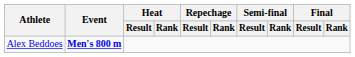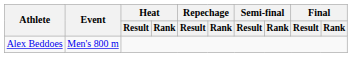 <table class="wikitable" style="font-size:90%">
 <tr>
 <th rowspan="2">Athlete</th>
 <th rowspan="2">Event</th>
 <th colspan="2">Heat</th>
 <th colspan="2">Repechage</th>
 <th colspan="2">Semi-final</th>
 <th colspan="2">Final</th>
 </tr>
 <tr style="font-size:95%">
 <th>Result</th>
 <th>Rank</th>
 <th>Result</th>
 <th>Rank</th>
 <th>Result</th>
 <th>Rank</th>
 <th>Result</th>
 <th>Rank</th>
 </tr>
 <tr align=center>
 <td align=left><a href='#'>Alex Beddoes</a></td>
-<td align=left><strong><a href='#'>Men's 800 m</a></strong></td>
+<td align=left><a href='#'>Men's 800 m</a></td>
 <td colspan="8"></td>
 </tr>
 </table>
